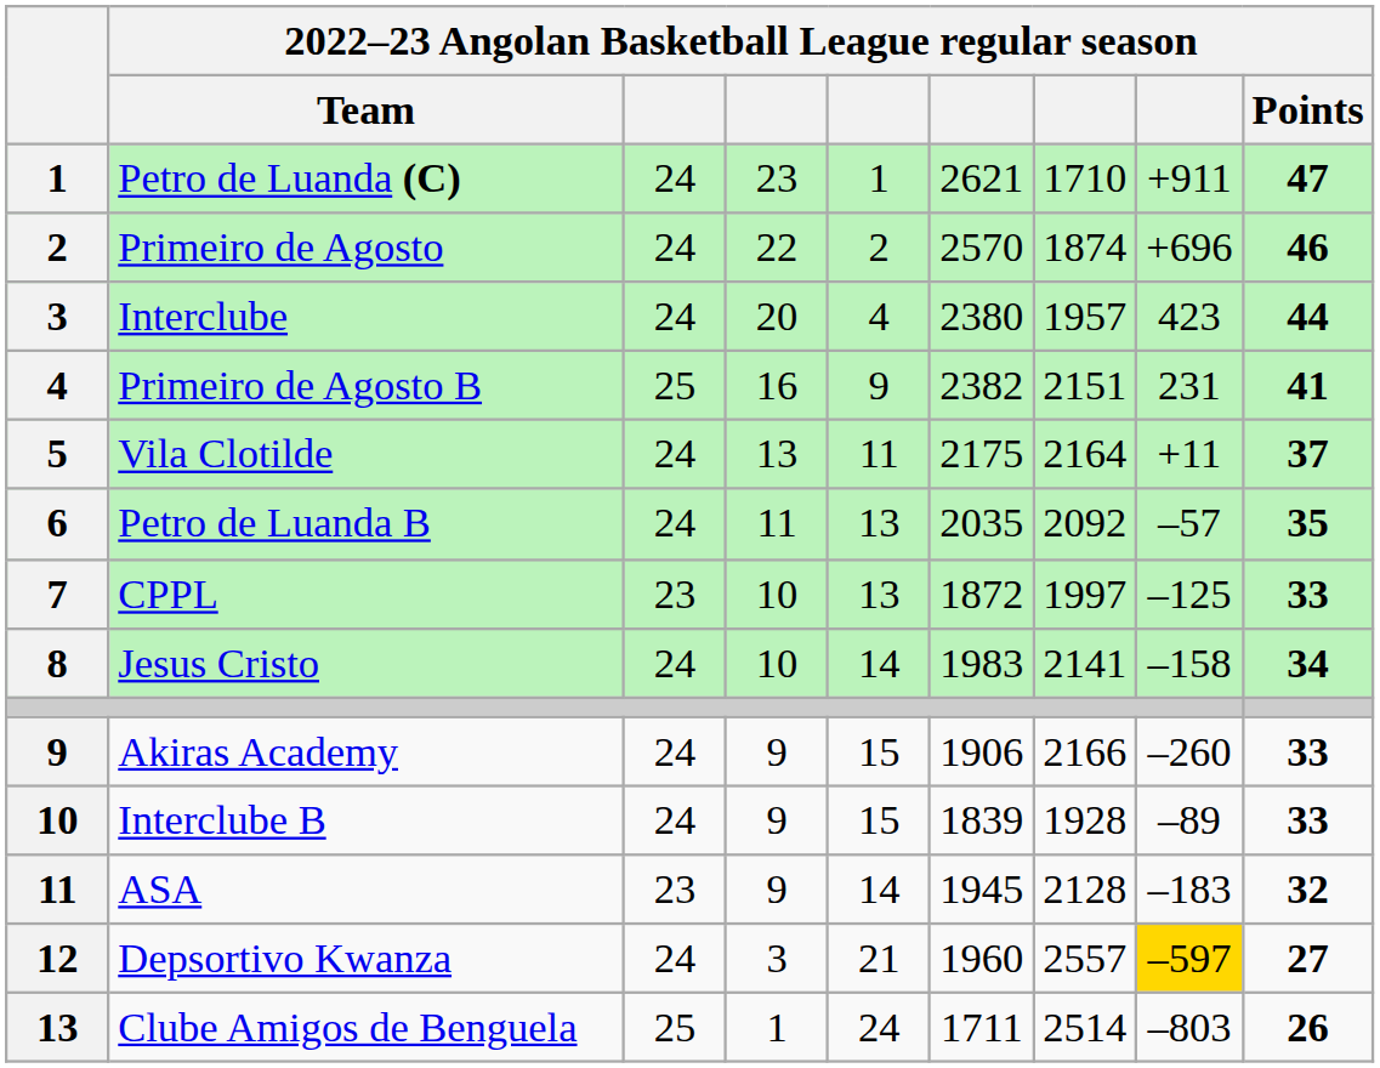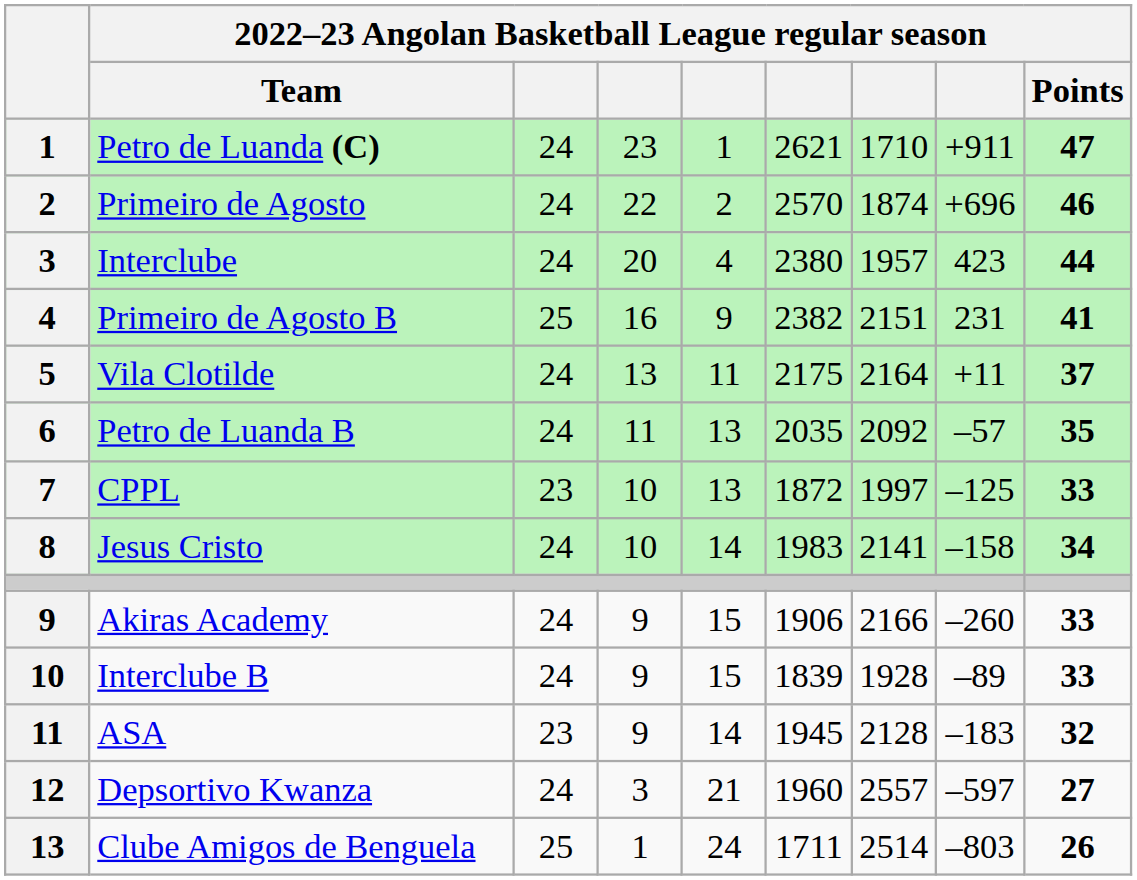 <table class="wikitable" style="font-size:95%; text-align:center">
 <tr>
 <th rowspan="2" width="30px"></th>
 <th colspan="8" style="text-align:center">2022–23 Angolan Basketball League regular season</th>
 </tr>
 <tr>
 <th width="180px">Team</th>
 <th width="30px"></th>
 <th width="30px"></th>
 <th width="30px"></th>
 <th width="30px"></th>
 <th width="30px"></th>
 <th width="30px"></th>
 <th>Points</th>
 </tr>
 <tr style="background-color:#BBF3BB;">
 <th>1</th>
 <td style="text-align:left;"><a href='#'>Petro de Luanda</a> <strong>(C)</strong></td>
 <td>24</td>
 <td>23</td>
 <td>1</td>
 <td>2621</td>
 <td>1710</td>
 <td>+911</td>
 <td><strong>47</strong></td>
 </tr>
 <tr style="background-color:#BBF3BB;">
 <th>2</th>
 <td style="text-align:left;"><a href='#'>Primeiro de Agosto</a></td>
 <td>24</td>
 <td>22</td>
 <td>2</td>
 <td>2570</td>
 <td>1874</td>
 <td>+696</td>
 <td><strong>46</strong></td>
 </tr>
 <tr style="background-color:#BBF3BB;">
 <th>3</th>
 <td style="text-align:left;"><a href='#'>Interclube</a></td>
 <td>24</td>
 <td>20</td>
 <td>4</td>
 <td>2380</td>
 <td>1957</td>
 <td>423</td>
 <td><strong>44</strong></td>
 </tr>
 <tr style="background-color:#BBF3BB;">
 <th>4</th>
 <td style="text-align:left;"><a href='#'>Primeiro de Agosto B</a></td>
 <td>25</td>
 <td>16</td>
 <td>9</td>
 <td>2382</td>
 <td>2151</td>
 <td>231</td>
 <td><strong>41</strong></td>
 </tr>
 <tr bgcolor="#BBF3BB">
 <th>5</th>
 <td style="text-align:left;"><a href='#'>Vila Clotilde</a></td>
 <td>24</td>
 <td>13</td>
 <td>11</td>
 <td>2175</td>
 <td>2164</td>
 <td>+11</td>
 <td><strong>37</strong></td>
 </tr>
 <tr bgcolor="#BBF3BB">
 <th>6</th>
 <td style="text-align:left;"><a href='#'>Petro de Luanda B</a></td>
 <td>24</td>
 <td>11</td>
 <td>13</td>
 <td>2035</td>
 <td>2092</td>
 <td>–57</td>
 <td><strong>35</strong></td>
 </tr>
 <tr bgcolor="#BBF3BB">
 <th>7</th>
 <td style="text-align:left;"><a href='#'>CPPL</a></td>
 <td>23</td>
 <td>10</td>
 <td>13</td>
 <td>1872</td>
 <td>1997</td>
 <td>–125</td>
 <td><strong>33</strong></td>
 </tr>
 <tr bgcolor="#BBF3BB">
 <th>8</th>
 <td style="text-align:left;"><a href='#'>Jesus Cristo</a></td>
 <td>24</td>
 <td>10</td>
 <td>14</td>
 <td>1983</td>
 <td>2141</td>
 <td>–158</td>
 <td><strong>34</strong></td>
 </tr>
 <tr style="background-color:#CCCCCC">
 <td colspan="8"></td>
 <td></td>
 </tr>
 <tr>
 <th>9</th>
 <td style="text-align:left;"><a href='#'>Akiras Academy</a></td>
 <td>24</td>
 <td>9</td>
 <td>15</td>
 <td>1906</td>
 <td>2166</td>
 <td>–260</td>
 <td><strong>33</strong></td>
 </tr>
 <tr>
 <th>10</th>
 <td style="text-align:left;"><a href='#'>Interclube B</a></td>
 <td>24</td>
 <td>9</td>
 <td>15</td>
 <td>1839</td>
 <td>1928</td>
 <td>–89</td>
 <td><strong>33</strong></td>
 </tr>
 <tr>
 <th>11</th>
 <td style="text-align:left;"><a href='#'>ASA</a></td>
 <td>23</td>
 <td>9</td>
 <td>14</td>
 <td>1945</td>
 <td>2128</td>
 <td>–183</td>
 <td><strong>32</strong></td>
 </tr>
 <tr>
 <th>12</th>
 <td style="text-align:left;"><a href='#'>Depsortivo Kwanza</a></td>
 <td>24</td>
 <td>3</td>
 <td>21</td>
 <td>1960</td>
 <td>2557</td>
-<td style="background: gold;">–597</td>
+<td>–597</td>
 <td><strong>27</strong></td>
 </tr>
 <tr>
 <th>13</th>
 <td style="text-align:left;"><a href='#'>Clube Amigos de Benguela</a></td>
 <td>25</td>
 <td>1</td>
 <td>24</td>
 <td>1711</td>
 <td>2514</td>
 <td>–803</td>
 <td><strong>26</strong></td>
 </tr>
 </table>
